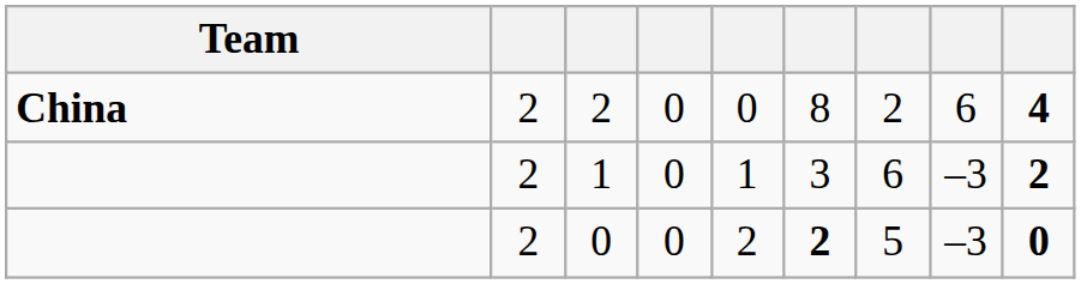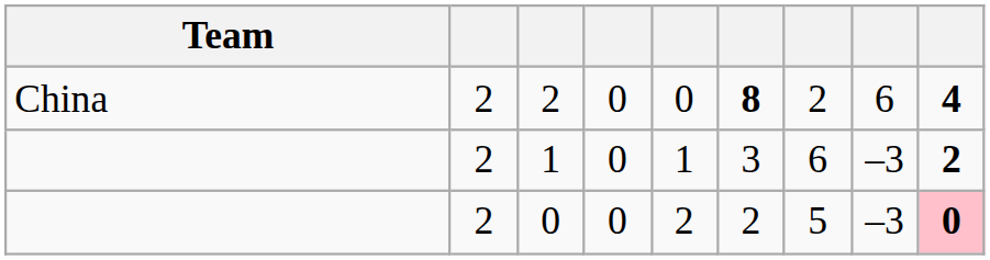 <table class=wikitable style="text-align:center">
 <tr>
 <th width="175">Team</th>
 <th width="20"></th>
 <th width="20"></th>
 <th width="20"></th>
 <th width="20"></th>
 <th width="20"></th>
 <th width="20"></th>
 <th width="20"></th>
 <th width="20"></th>
 </tr>
 <tr>
-<td align=left><strong> China</strong></td>
+<td align=left> China</td>
 <td>2</td>
 <td>2</td>
 <td>0</td>
 <td>0</td>
-<td>8</td>
+<td><strong>8</strong></td>
 <td>2</td>
 <td>6</td>
 <td><strong>4</strong></td>
 </tr>
 <tr>
 <td align=left></td>
 <td>2</td>
 <td>1</td>
 <td>0</td>
 <td>1</td>
 <td>3</td>
 <td>6</td>
 <td>–3</td>
 <td><strong>2</strong></td>
 </tr>
 <tr>
 <td align=left></td>
 <td>2</td>
 <td>0</td>
 <td>0</td>
 <td>2</td>
-<td><strong>2</strong></td>
+<td>2</td>
 <td>5</td>
 <td>–3</td>
-<td><strong>0</strong></td>
+<td style="background: pink;"><strong>0</strong></td>
 </tr>
 </table>
